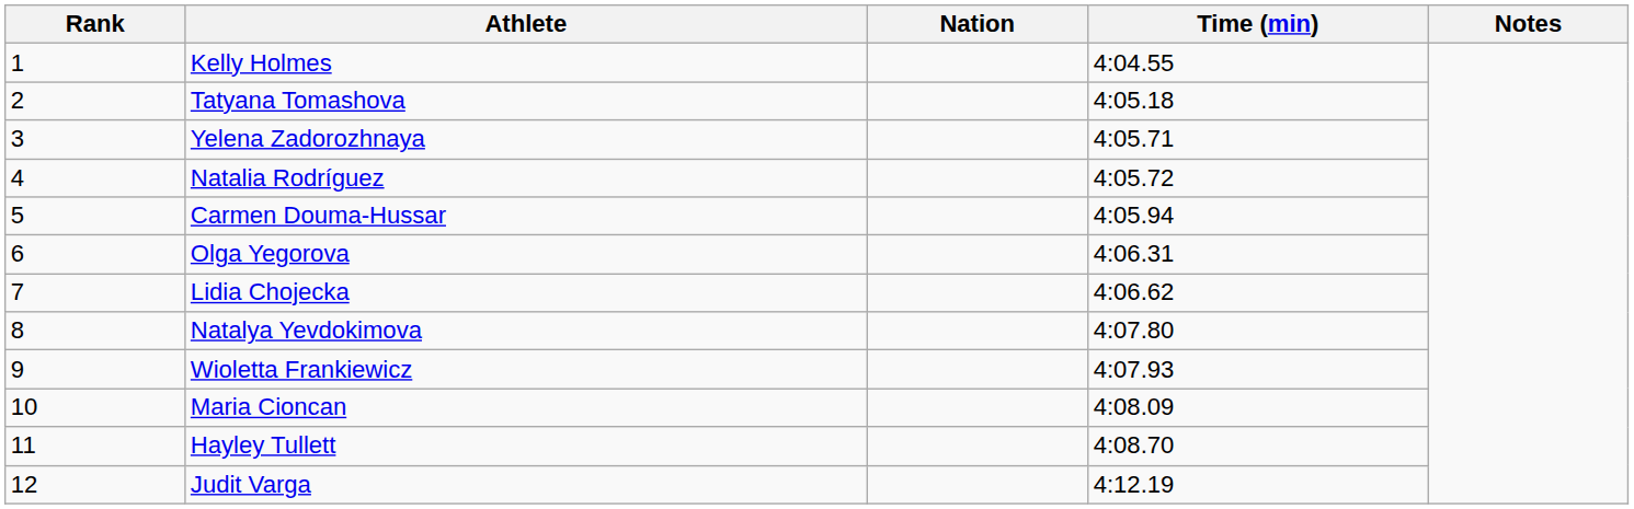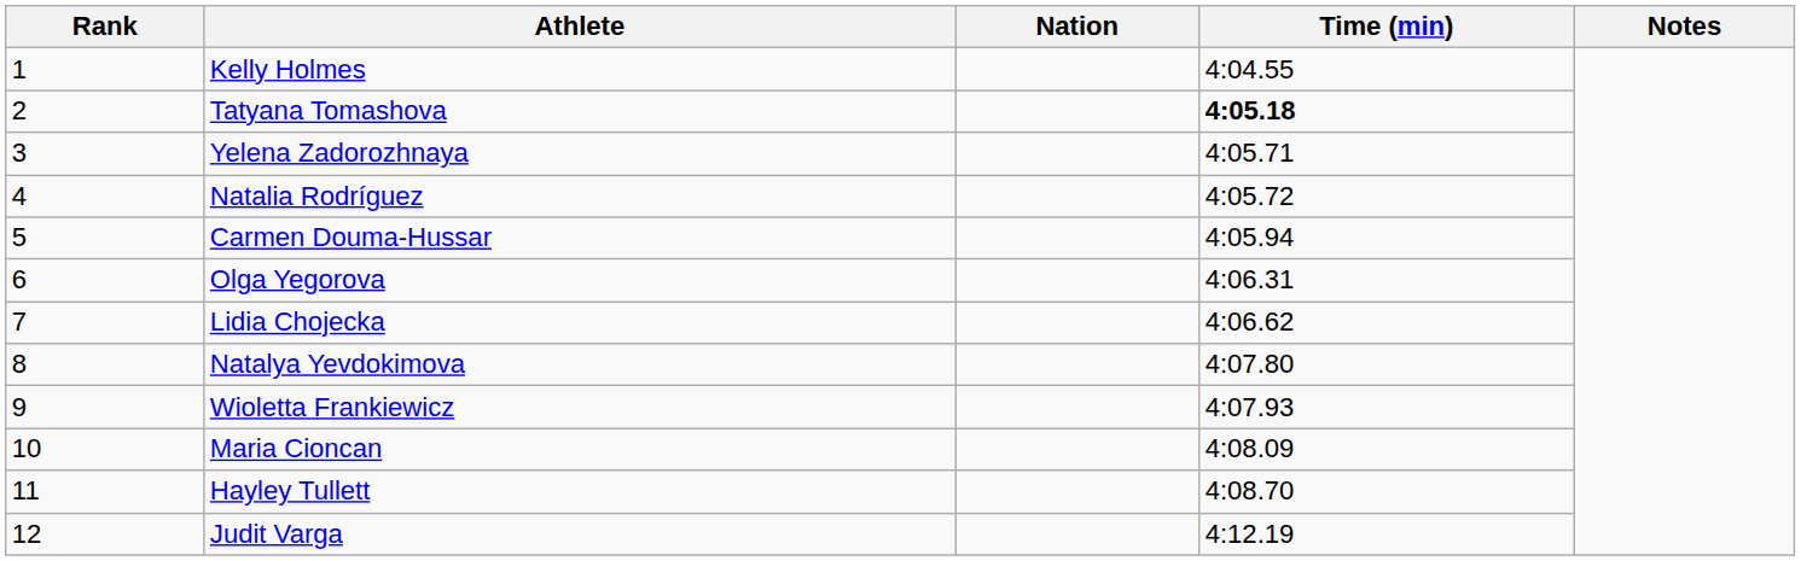 <table class="wikitable" style="text=align:center;" width=85%>
 <tr>
 <th>Rank</th>
 <th>Athlete</th>
 <th>Nation</th>
 <th>Time (<a href='#'>min</a>)</th>
 <th>Notes</th>
 </tr>
 <tr>
 <td>1</td>
 <td><a href='#'>Kelly Holmes</a></td>
 <td></td>
 <td>4:04.55</td>
 </tr>
 <tr>
 <td>2</td>
 <td><a href='#'>Tatyana Tomashova</a></td>
 <td></td>
-<td>4:05.18</td>
+<td><strong>4:05.18</strong></td>
 </tr>
 <tr>
 <td>3</td>
 <td><a href='#'>Yelena Zadorozhnaya</a></td>
 <td></td>
 <td>4:05.71</td>
 </tr>
 <tr>
 <td>4</td>
 <td><a href='#'>Natalia Rodríguez</a></td>
 <td></td>
 <td>4:05.72</td>
 </tr>
 <tr>
 <td>5</td>
 <td><a href='#'>Carmen Douma-Hussar</a></td>
 <td></td>
 <td>4:05.94</td>
 </tr>
 <tr>
 <td>6</td>
 <td><a href='#'>Olga Yegorova</a></td>
 <td></td>
 <td>4:06.31</td>
 </tr>
 <tr>
 <td>7</td>
 <td><a href='#'>Lidia Chojecka</a></td>
 <td></td>
 <td>4:06.62</td>
 </tr>
 <tr>
 <td>8</td>
 <td><a href='#'>Natalya Yevdokimova</a></td>
 <td></td>
 <td>4:07.80</td>
 </tr>
 <tr>
 <td>9</td>
 <td><a href='#'>Wioletta Frankiewicz</a></td>
 <td></td>
 <td>4:07.93</td>
 </tr>
 <tr>
 <td>10</td>
 <td><a href='#'>Maria Cioncan</a></td>
 <td></td>
 <td>4:08.09</td>
 </tr>
 <tr>
 <td>11</td>
 <td><a href='#'>Hayley Tullett</a></td>
 <td></td>
 <td>4:08.70</td>
 </tr>
 <tr>
 <td>12</td>
 <td><a href='#'>Judit Varga</a></td>
 <td></td>
 <td>4:12.19</td>
 </tr>
 </table>
